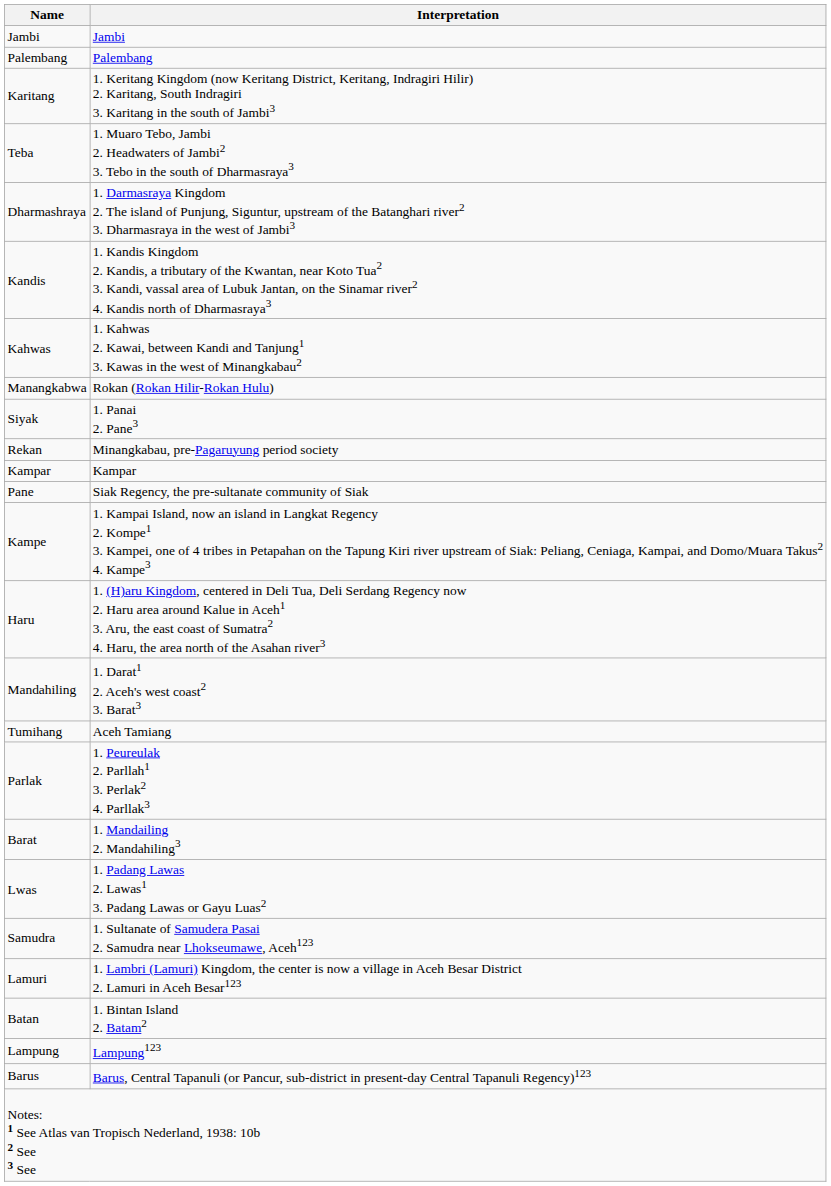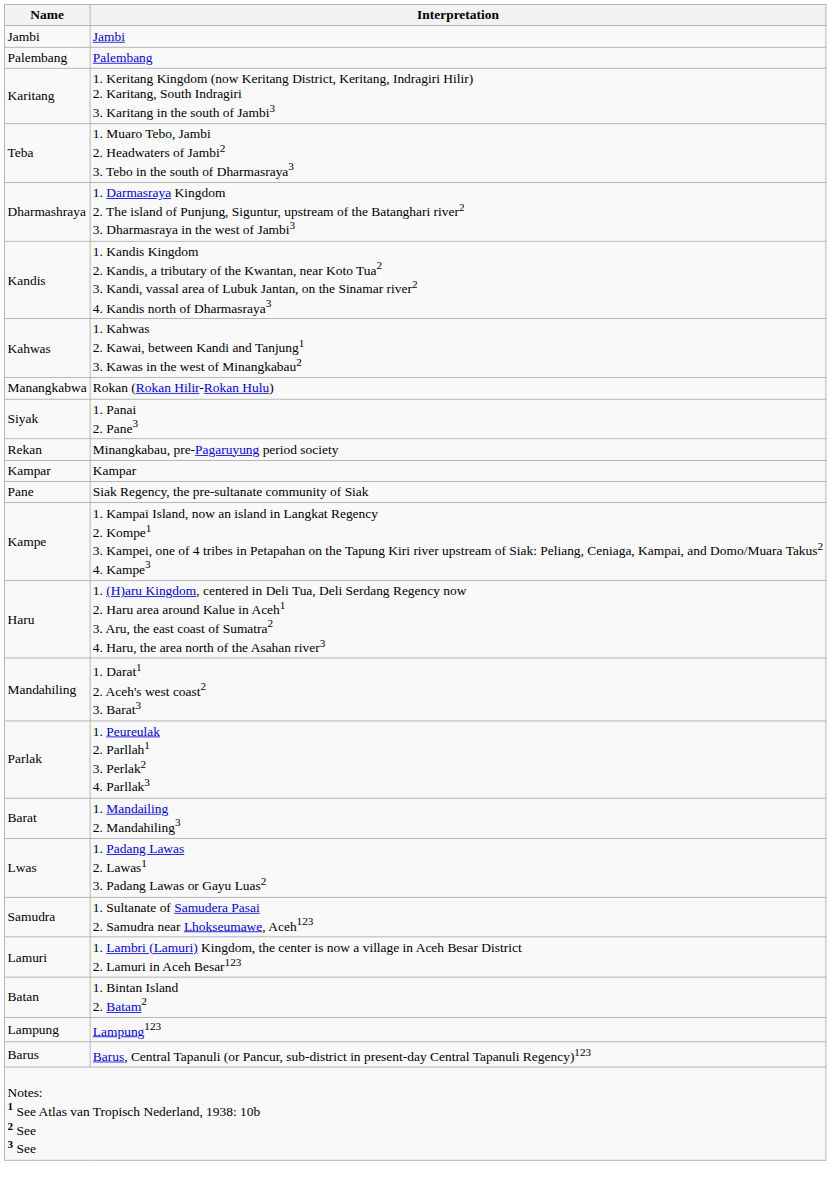 <table class="wikitable">
 <tr>
 <th>Name</th>
 <th>Interpretation</th>
 </tr>
 <tr>
 <td>Jambi</td>
 <td><a href='#'>Jambi</a></td>
 </tr>
 <tr>
 <td>Palembang</td>
 <td><a href='#'>Palembang</a></td>
 </tr>
 <tr>
 <td>Karitang</td>
 <td>1. Keritang Kingdom (now Keritang District, Keritang, Indragiri Hilir)<br>2. Karitang, South Indragiri<br>3. Karitang in the south of Jambi<sup>3</sup></td>
 </tr>
 <tr>
 <td>Teba</td>
 <td>1. Muaro Tebo, Jambi<br>2. Headwaters of Jambi<sup>2</sup><br>3. Tebo in the south of Dharmasraya<sup>3</sup></td>
 </tr>
 <tr>
 <td>Dharmashraya</td>
 <td>1. <a href='#'>Darmasraya</a> Kingdom<br>2. The island of Punjung, Siguntur, upstream of the Batanghari river<sup>2</sup><br>3. Dharmasraya in the west of Jambi<sup>3</sup></td>
 </tr>
 <tr>
 <td>Kandis</td>
 <td>1. Kandis Kingdom<br>2. Kandis, a tributary of the Kwantan, near Koto Tua<sup>2</sup><br>3. Kandi, vassal area of Lubuk Jantan, on the Sinamar river<sup>2</sup><br>4. Kandis north of Dharmasraya<sup>3</sup></td>
 </tr>
 <tr>
 <td>Kahwas</td>
 <td>1. Kahwas<br>2. Kawai, between Kandi and Tanjung<sup>1</sup><br>3. Kawas in the west of Minangkabau<sup>2</sup></td>
 </tr>
 <tr>
 <td>Manangkabwa</td>
 <td>Rokan (<a href='#'>Rokan Hilir</a>-<a href='#'>Rokan Hulu</a>)</td>
 </tr>
 <tr>
 <td>Siyak</td>
 <td>1. Panai<br>2. Pane<sup>3</sup></td>
 </tr>
 <tr>
 <td>Rekan</td>
 <td>Minangkabau, pre-<a href='#'>Pagaruyung</a> period society</td>
 </tr>
 <tr>
 <td>Kampar</td>
 <td>Kampar</td>
 </tr>
 <tr>
 <td>Pane</td>
 <td>Siak Regency, the pre-sultanate community of Siak</td>
 </tr>
 <tr>
 <td>Kampe</td>
 <td>1. Kampai Island, now an island in Langkat Regency<br>2. Kompe<sup>1</sup><br>3. Kampei, one of 4 tribes in Petapahan on the Tapung Kiri river upstream of Siak: Peliang, Ceniaga, Kampai, and Domo/Muara Takus<sup>2</sup><br>4. Kampe<sup>3</sup></td>
 </tr>
 <tr>
 <td>Haru</td>
 <td>1. <a href='#'>(H)aru Kingdom</a>, centered in Deli Tua, Deli Serdang Regency now<br>2. Haru area around Kalue in Aceh<sup>1</sup><br>3. Aru, the east coast of Sumatra<sup>2</sup><br>4. Haru, the area north of the Asahan river<sup>3</sup></td>
 </tr>
 <tr>
 <td>Mandahiling</td>
 <td>1. Darat<sup>1</sup><br>2. Aceh's west coast<sup>2</sup><br>3. Barat<sup>3</sup></td>
 </tr>
 <tr>
-<td>Tumihang</td>
-<td>Aceh Tamiang</td>
-</tr>
-<tr>
 <td>Parlak</td>
 <td>1. <a href='#'>Peureulak</a><br>2. Parllah<sup>1</sup><br>3. Perlak<sup>2</sup><br>4. Parllak<sup>3</sup></td>
 </tr>
 <tr>
 <td>Barat</td>
 <td>1. <a href='#'>Mandailing</a><br>2. Mandahiling<sup>3</sup></td>
 </tr>
 <tr>
 <td>Lwas</td>
 <td>1. <a href='#'>Padang Lawas</a><br>2. Lawas<sup>1</sup><br>3. Padang Lawas or Gayu Luas<sup>2</sup></td>
 </tr>
 <tr>
 <td>Samudra</td>
 <td>1. Sultanate of <a href='#'>Samudera Pasai</a><br>2. Samudra near <a href='#'>Lhokseumawe</a>, Aceh<sup>123</sup></td>
 </tr>
 <tr>
 <td>Lamuri</td>
 <td>1. <a href='#'>Lambri (Lamuri)</a> Kingdom, the center is now a village in Aceh Besar District<br>2. Lamuri in Aceh Besar<sup>123</sup></td>
 </tr>
 <tr>
 <td>Batan</td>
 <td>1. Bintan Island<br>2. <a href='#'>Batam</a><sup>2</sup></td>
 </tr>
 <tr>
 <td>Lampung</td>
 <td><a href='#'>Lampung</a><sup>123</sup></td>
 </tr>
 <tr>
 <td>Barus</td>
 <td><a href='#'>Barus</a>, Central Tapanuli (or Pancur, sub-district in present-day Central Tapanuli Regency)<sup>123</sup></td>
 </tr>
 <tr>
 <td colspan="2"><br>Notes:<br> <sup><strong>1</strong></sup> See Atlas van Tropisch Nederland, 1938: 10b<br> <sup><strong>2</strong></sup> See <br> <sup><strong>3</strong></sup> See </td>
 </tr>
 </table>
